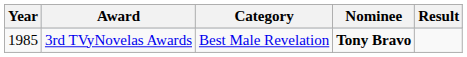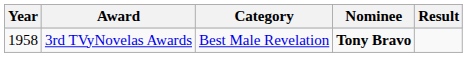 <table class="wikitable">
 <tr style="background:#b0c4de;">
 <th>Year</th>
 <th>Award</th>
 <th>Category</th>
 <th>Nominee</th>
 <th>Result</th>
 </tr>
 <tr>
-<td>1985</td>
+<td>1958</td>
 <td><a href='#'>3rd TVyNovelas Awards</a></td>
 <td><a href='#'>Best Male Revelation</a></td>
 <td><strong>Tony Bravo</strong></td>
 <td></td>
 </tr>
 </table>
